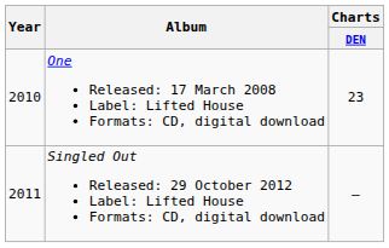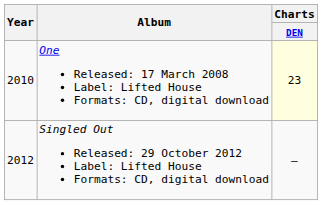 <table class="wikitable">
 <tr>
 <th scope="col" rowspan="2">Year</th>
 <th scope="col" rowspan="2">Album</th>
 <th scope="col" colspan="1">Charts</th>
 </tr>
 <tr>
 <th width="20"><small><a href='#'>DEN</a></small><br></th>
 </tr>
 <tr>
 <td>2010</td>
 <td align=left><em><a href='#'>One</a></em><br><ul><li>Released: 17 March 2008</li><li>Label: Lifted House</li><li>Formats: CD, digital download</li></ul></td>
-<td align=center>23</td>
+<td align=center style="background: lightyellow;">23</td>
 </tr>
 <tr>
-<td>2011</td>
+<td>2012</td>
 <td align=left><em>Singled Out</em><br><ul><li>Released: 29 October 2012</li><li>Label: Lifted House</li><li>Formats: CD, digital download</li></ul></td>
 <td align=center>—</td>
 </tr>
 </table>
